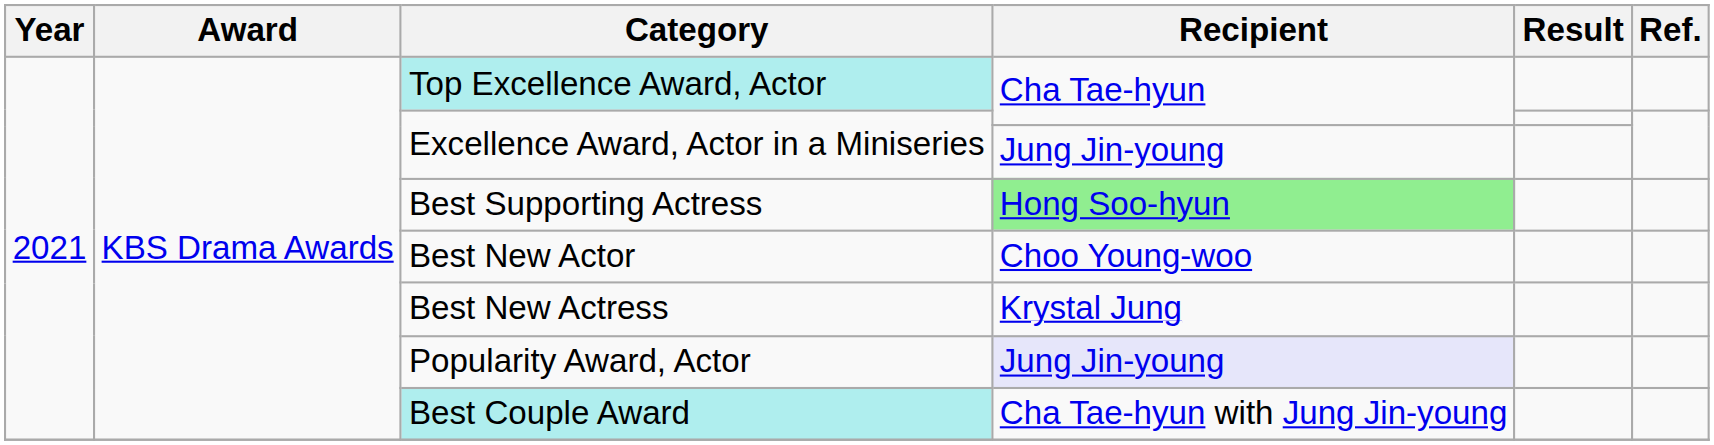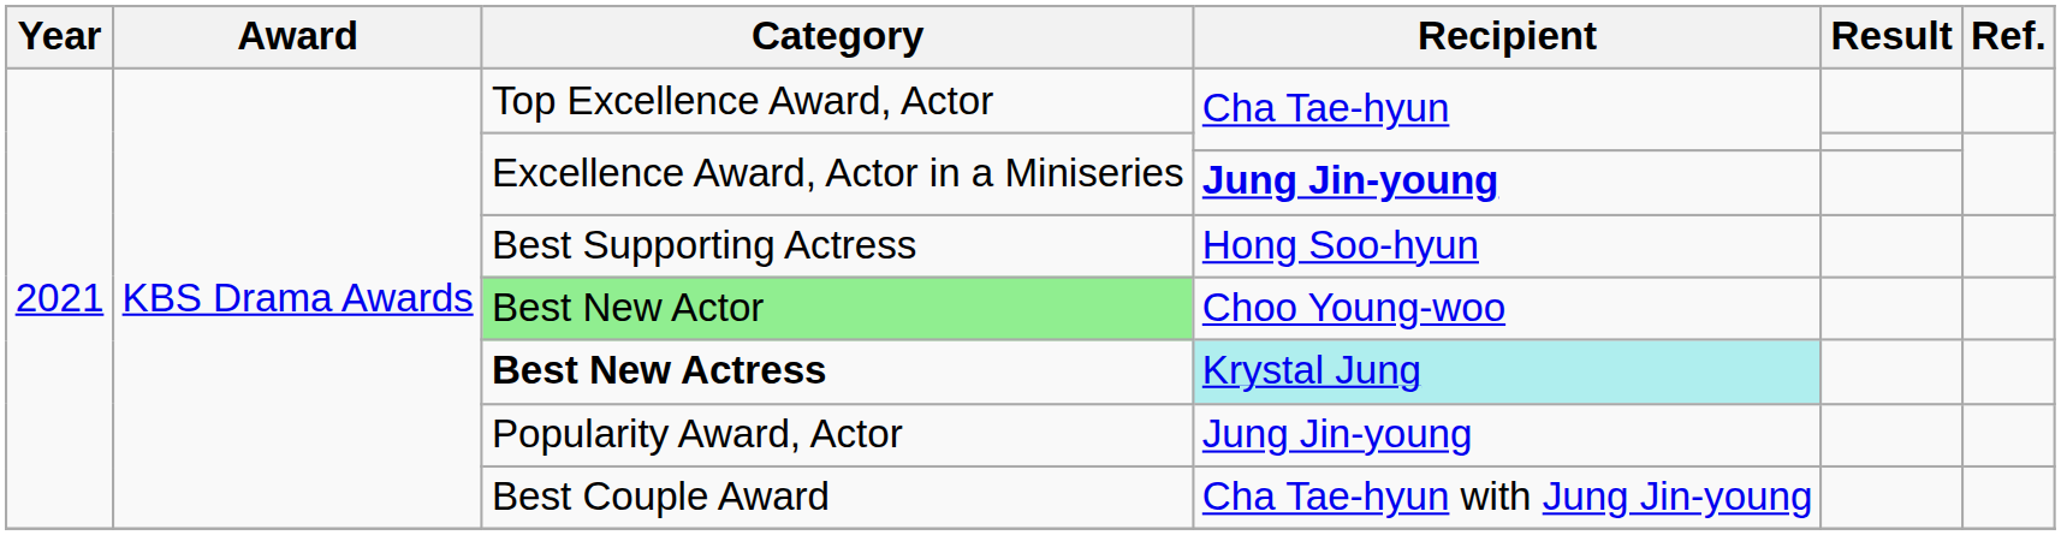 <table class="wikitable sortable">
 <tr>
 <th>Year</th>
 <th>Award</th>
 <th>Category</th>
 <th>Recipient</th>
 <th>Result</th>
 <th>Ref.</th>
 </tr>
 <tr>
 <td rowspan=8><a href='#'>2021</a></td>
 <td rowspan=8><a href='#'>KBS Drama Awards</a></td>
-<td style="background: paleturquoise;">Top Excellence Award, Actor</td>
+<td>Top Excellence Award, Actor</td>
 <td rowspan=2><a href='#'>Cha Tae-hyun</a></td>
 <td></td>
 <td></td>
 </tr>
 <tr>
 <td rowspan=2>Excellence Award, Actor in a Miniseries</td>
 <td></td>
 <td rowspan=2></td>
 </tr>
 <tr>
-<td><a href='#'>Jung Jin-young</a></td>
+<td><strong><a href='#'>Jung Jin-young</a></strong></td>
 <td></td>
 </tr>
 <tr>
 <td>Best Supporting Actress</td>
-<td style="background: lightgreen;"><a href='#'>Hong Soo-hyun</a></td>
+<td><a href='#'>Hong Soo-hyun</a></td>
 <td></td>
 <td></td>
 </tr>
 <tr>
-<td>Best New Actor</td>
+<td style="background: lightgreen;">Best New Actor</td>
 <td><a href='#'>Choo Young-woo</a></td>
 <td></td>
 <td></td>
 </tr>
 <tr>
-<td>Best New Actress</td>
-<td><a href='#'>Krystal Jung</a></td>
+<td><strong>Best New Actress</strong></td>
+<td style="background: paleturquoise;"><a href='#'>Krystal Jung</a></td>
 <td></td>
 <td></td>
 </tr>
 <tr>
 <td>Popularity Award, Actor</td>
-<td style="background: lavender;"><a href='#'>Jung Jin-young</a></td>
+<td><a href='#'>Jung Jin-young</a></td>
 <td></td>
 <td></td>
 </tr>
 <tr>
-<td style="background: paleturquoise;">Best Couple Award</td>
+<td>Best Couple Award</td>
 <td><a href='#'>Cha Tae-hyun</a> with <a href='#'>Jung Jin-young</a></td>
 <td></td>
 <td></td>
 </tr>
 <tr>
 </tr>
 </table>
